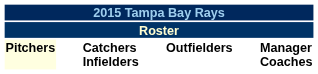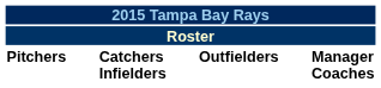 <table class="toccolours" style="font-size: 95%;">
 <tr>
 <th colspan="10" style="background:#00285d; color:#9eceee; text-align:center;">2015 Tampa Bay Rays</th>
 </tr>
 <tr>
 <td colspan="10" style="background:#036; color:#fffdd0; text-align:center;"><strong>Roster</strong></td>
 </tr>
 <tr>
-<td valign="top" style="background: lightyellow;"><strong>Pitchers</strong><br>                        </td>
+<td valign="top"><strong>Pitchers</strong><br>                        </td>
 <td style="width:25px;"></td>
 <td valign="top"><strong>Catchers</strong><br>     <strong>Infielders</strong>           </td>
 <td style="width:25px;"></td>
 <td valign="top"><strong>Outfielders</strong><br>         </td>
 <td style="width:25px;"></td>
 <td valign="top"><strong>Manager</strong><br> <strong>Coaches</strong>                </td>
 </tr>
 </table>
